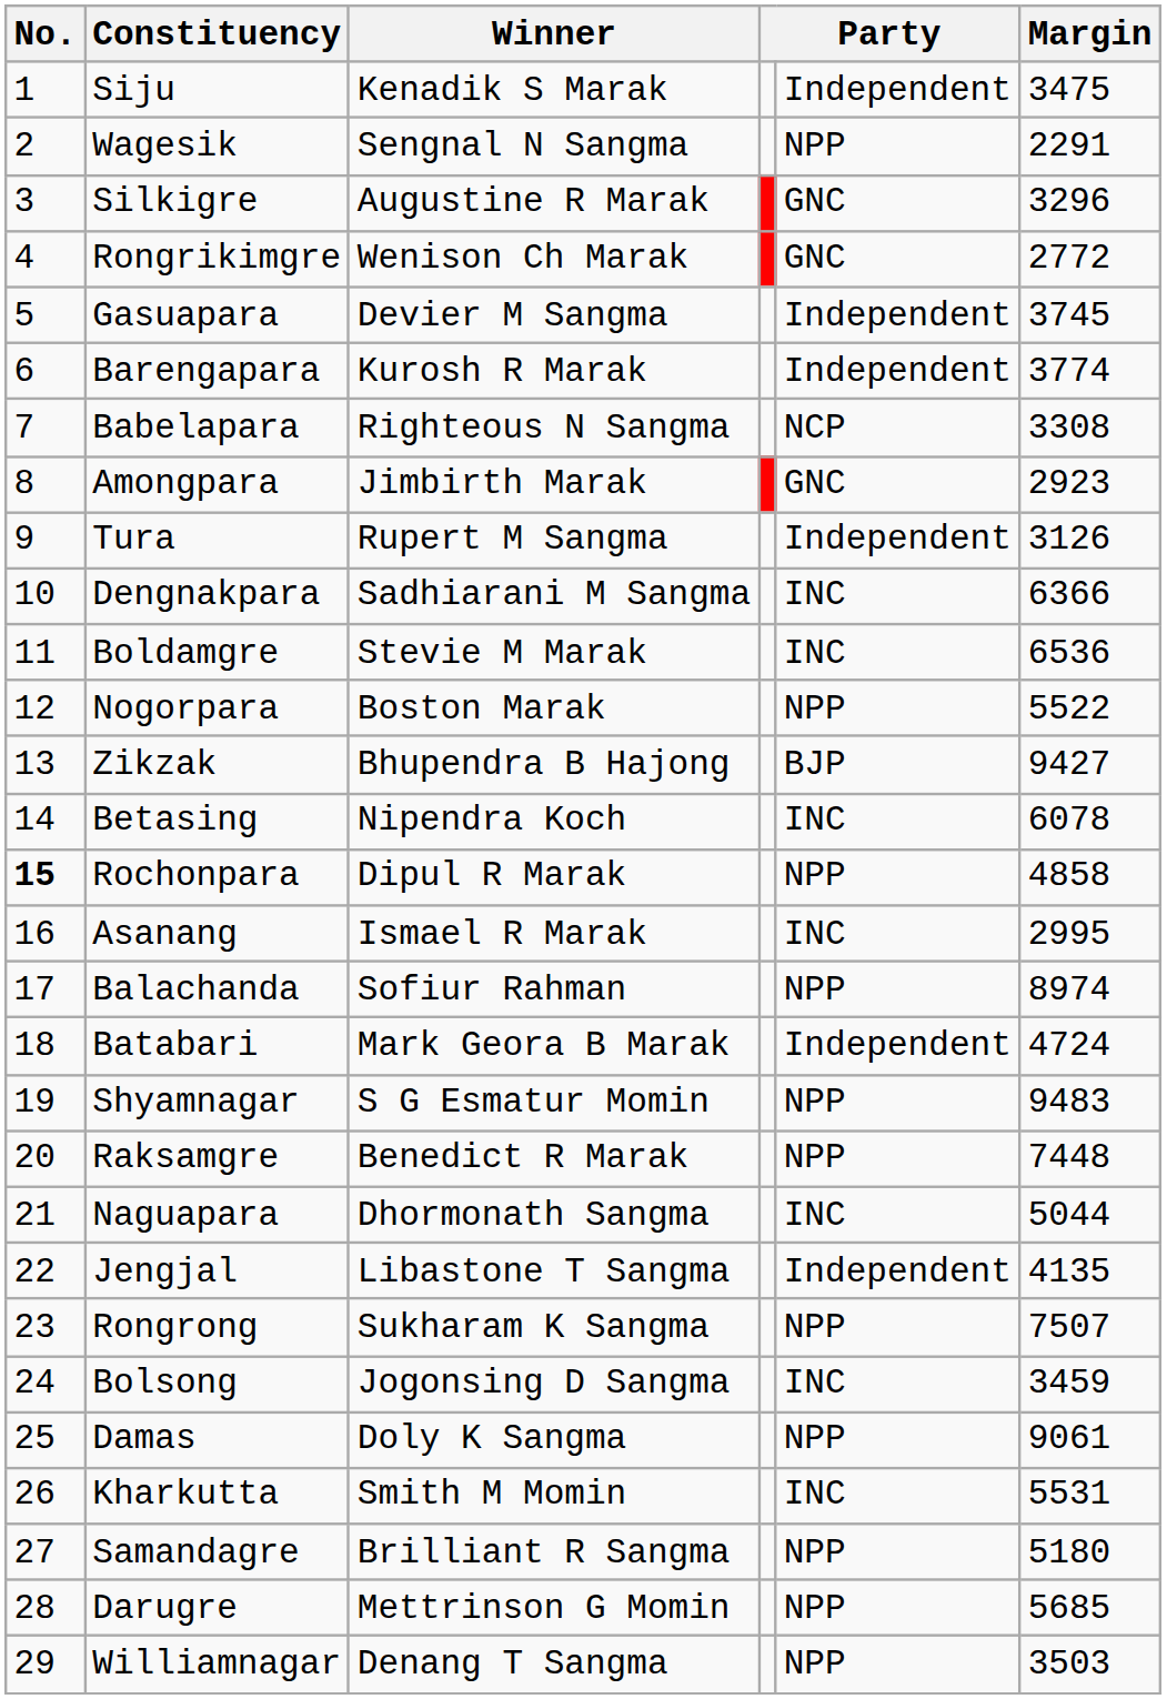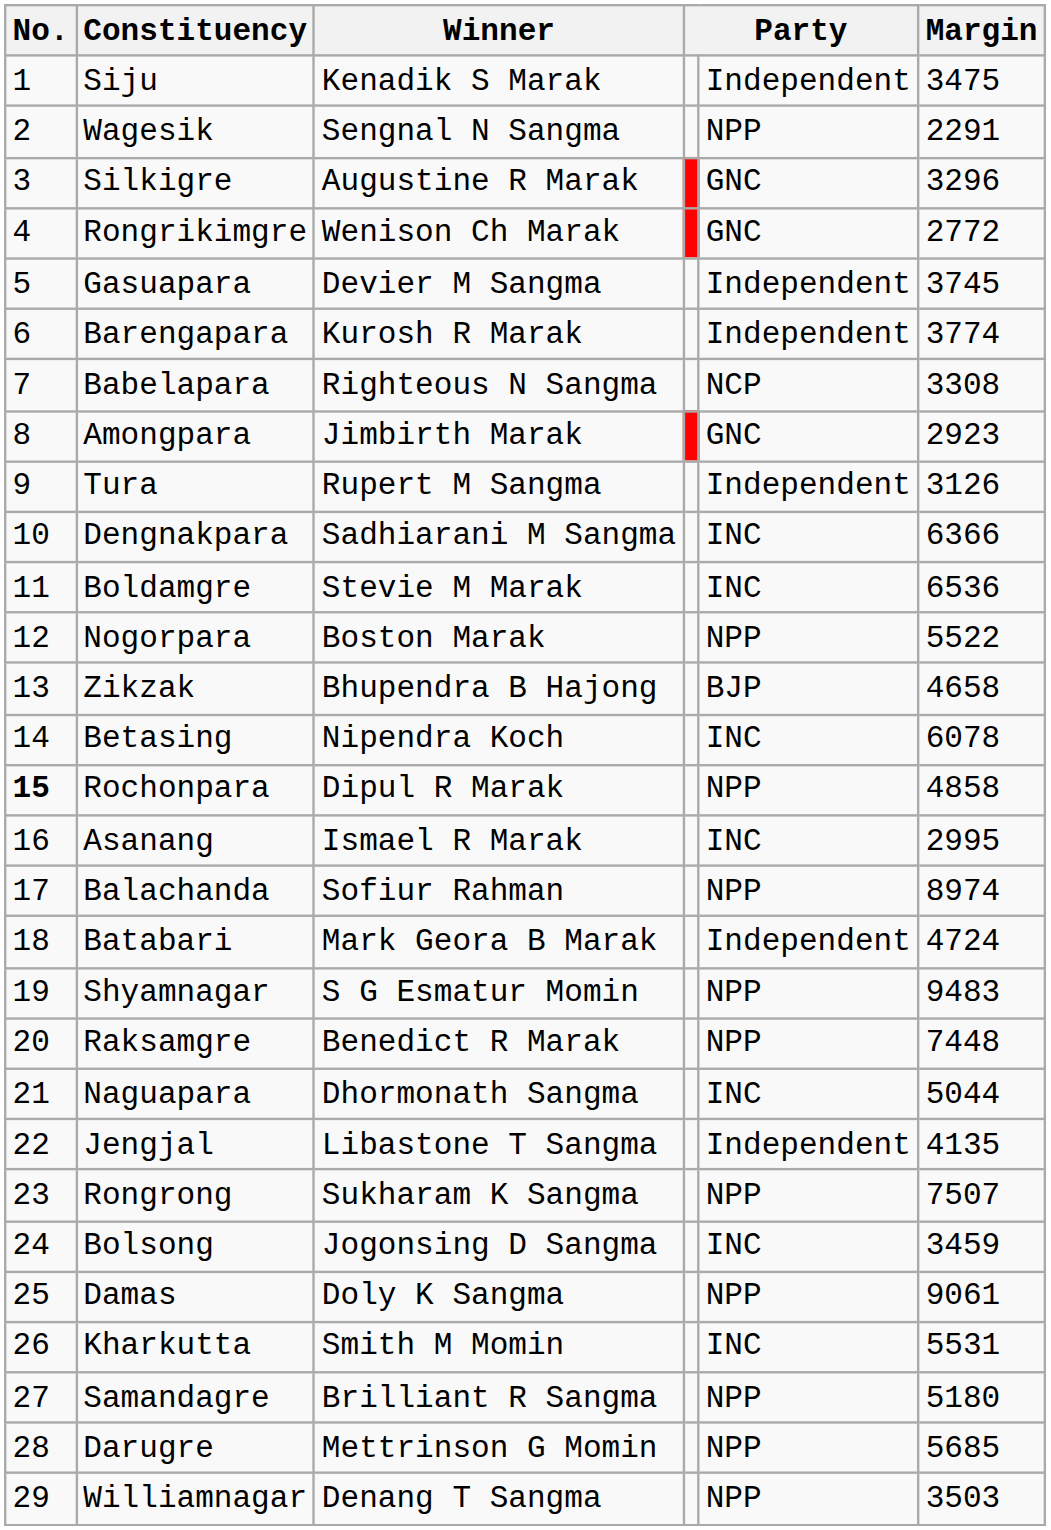 <table class="wikitable sortable">
 <tr>
 <th>No.</th>
 <th>Constituency</th>
 <th>Winner</th>
 <th colspan="2">Party</th>
 <th>Margin</th>
 </tr>
 <tr>
 <td>1</td>
 <td>Siju</td>
 <td>Kenadik S Marak</td>
 <td style="background-color: "></td>
 <td>Independent</td>
 <td>3475</td>
 </tr>
 <tr>
 <td>2</td>
 <td>Wagesik</td>
 <td>Sengnal N Sangma</td>
 <td style="background-color:"></td>
 <td>NPP</td>
 <td>2291</td>
 </tr>
 <tr>
 <td>3</td>
 <td>Silkigre</td>
 <td>Augustine R Marak</td>
 <td style="background-color:#FF0000"></td>
 <td>GNC</td>
 <td>3296</td>
 </tr>
 <tr>
 <td>4</td>
 <td>Rongrikimgre</td>
 <td>Wenison Ch Marak</td>
 <td style="background-color:#FF0000"></td>
 <td>GNC</td>
 <td>2772</td>
 </tr>
 <tr>
 <td>5</td>
 <td>Gasuapara</td>
 <td>Devier M Sangma</td>
 <td style="background-color: "></td>
 <td>Independent</td>
 <td>3745</td>
 </tr>
 <tr>
 <td>6</td>
 <td>Barengapara</td>
 <td>Kurosh R Marak</td>
 <td style="background-color: "></td>
 <td>Independent</td>
 <td>3774</td>
 </tr>
 <tr>
 <td>7</td>
 <td>Babelapara</td>
 <td>Righteous N Sangma</td>
 <td style="background-color: "></td>
 <td>NCP</td>
 <td>3308</td>
 </tr>
 <tr>
 <td>8</td>
 <td>Amongpara</td>
 <td>Jimbirth Marak</td>
 <td style="background-color:#FF0000"></td>
 <td>GNC</td>
 <td>2923</td>
 </tr>
 <tr>
 <td>9</td>
 <td>Tura</td>
 <td>Rupert M Sangma</td>
 <td style="background-color: "></td>
 <td>Independent</td>
 <td>3126</td>
 </tr>
 <tr>
 <td>10</td>
 <td>Dengnakpara</td>
 <td>Sadhiarani M Sangma</td>
 <td style="background-color: "></td>
 <td>INC</td>
 <td>6366</td>
 </tr>
 <tr>
 <td>11</td>
 <td>Boldamgre</td>
 <td>Stevie M Marak</td>
 <td style="background-color: "></td>
 <td>INC</td>
 <td>6536</td>
 </tr>
 <tr>
 <td>12</td>
 <td>Nogorpara</td>
 <td>Boston Marak</td>
 <td style="background-color:"></td>
 <td>NPP</td>
 <td>5522</td>
 </tr>
 <tr>
 <td>13</td>
 <td>Zikzak</td>
 <td>Bhupendra B Hajong</td>
 <td style="background-color: "></td>
 <td>BJP</td>
-<td>9427</td>
+<td>4658</td>
 </tr>
 <tr>
 <td>14</td>
 <td>Betasing</td>
 <td>Nipendra Koch</td>
 <td style="background-color: "></td>
 <td>INC</td>
 <td>6078</td>
 </tr>
 <tr>
 <td><strong>15</strong></td>
 <td>Rochonpara</td>
 <td>Dipul R Marak</td>
 <td style="background-color:"></td>
 <td>NPP</td>
 <td>4858</td>
 </tr>
 <tr>
 <td>16</td>
 <td>Asanang</td>
 <td>Ismael R Marak</td>
 <td style="background-color: "></td>
 <td>INC</td>
 <td>2995</td>
 </tr>
 <tr>
 <td>17</td>
 <td>Balachanda</td>
 <td>Sofiur Rahman</td>
 <td style="background-color: "></td>
 <td>NPP</td>
 <td>8974</td>
 </tr>
 <tr>
 <td>18</td>
 <td>Batabari</td>
 <td>Mark Geora B Marak</td>
 <td style="background-color: "></td>
 <td>Independent</td>
 <td>4724</td>
 </tr>
 <tr>
 <td>19</td>
 <td>Shyamnagar</td>
 <td>S G Esmatur Momin</td>
 <td style="background-color:"></td>
 <td>NPP</td>
 <td>9483</td>
 </tr>
 <tr>
 <td>20</td>
 <td>Raksamgre</td>
 <td>Benedict R Marak</td>
 <td style="background-color:"></td>
 <td>NPP</td>
 <td>7448</td>
 </tr>
 <tr>
 <td>21</td>
 <td>Naguapara</td>
 <td>Dhormonath Sangma</td>
 <td style="background-color: "></td>
 <td>INC</td>
 <td>5044</td>
 </tr>
 <tr>
 <td>22</td>
 <td>Jengjal</td>
 <td>Libastone T Sangma</td>
 <td style="background-color: "></td>
 <td>Independent</td>
 <td>4135</td>
 </tr>
 <tr>
 <td>23</td>
 <td>Rongrong</td>
 <td>Sukharam K Sangma</td>
 <td style="background-color:"></td>
 <td>NPP</td>
 <td>7507</td>
 </tr>
 <tr>
 <td>24</td>
 <td>Bolsong</td>
 <td>Jogonsing D Sangma</td>
 <td style="background-color: "></td>
 <td>INC</td>
 <td>3459</td>
 </tr>
 <tr>
 <td>25</td>
 <td>Damas</td>
 <td>Doly K Sangma</td>
 <td style="background-color:"></td>
 <td>NPP</td>
 <td>9061</td>
 </tr>
 <tr>
 <td>26</td>
 <td>Kharkutta</td>
 <td>Smith M Momin</td>
 <td style="background-color: "></td>
 <td>INC</td>
 <td>5531</td>
 </tr>
 <tr>
 <td>27</td>
 <td>Samandagre</td>
 <td>Brilliant R Sangma</td>
 <td style="background-color:"></td>
 <td>NPP</td>
 <td>5180</td>
 </tr>
 <tr>
 <td>28</td>
 <td>Darugre</td>
 <td>Mettrinson G Momin</td>
 <td style="background-color:"></td>
 <td>NPP</td>
 <td>5685</td>
 </tr>
 <tr>
 <td>29</td>
 <td>Williamnagar</td>
 <td>Denang T Sangma</td>
 <td style="background-color:"></td>
 <td>NPP</td>
 <td>3503</td>
 </tr>
 <tr>
 </tr>
 </table>
